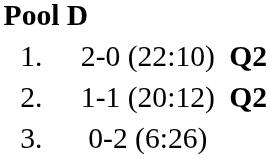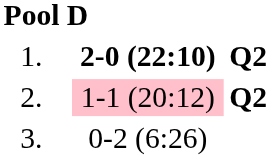 <table style="text-align:center">
 <tr>
 <td colspan=4 align=left><strong>Pool D</strong></td>
 </tr>
 <tr>
 <td width=30>1.</td>
 <td align=left></td>
-<td width=80>2-0 (22:10)</td>
+<td width=80><strong>2-0 (22:10)</strong></td>
 <td><strong>Q2</strong></td>
 </tr>
 <tr>
 <td>2.</td>
 <td align=left></td>
-<td>1-1 (20:12)</td>
+<td style="background: pink;">1-1 (20:12)</td>
 <td><strong>Q2</strong></td>
 </tr>
 <tr>
 <td>3.</td>
 <td align=left></td>
 <td>0-2 (6:26)</td>
 <td></td>
 </tr>
 </table>
